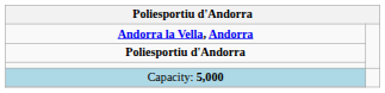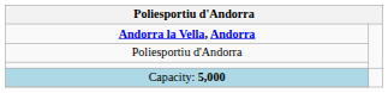 <table class="wikitable" style="text-align: center; width: 500px;">
 <tr>
 <th colspan="2" style="width: 50%;">Poliesportiu d'Andorra</th>
 </tr>
 <tr>
 <td><strong> <a href='#'>Andorra la Vella</a>, <a href='#'>Andorra</a></strong></td>
 <td rowspan="3"></td>
 </tr>
 <tr>
-<td><strong>Poliesportiu d'Andorra</strong></td>
+<td>Poliesportiu d'Andorra</td>
 </tr>
 <tr>
 <td></td>
 </tr>
 <tr>
 <td style="background: lightblue;">Capacity: <strong>5,000</strong></td>
 </tr>
 <tr>
 </tr>
 </table>
